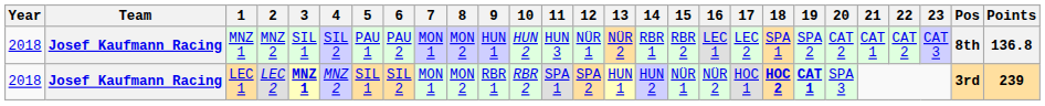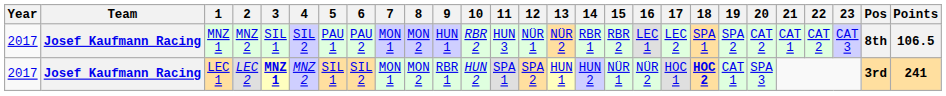 <table class="wikitable" style="text-align:center; font-size:85%">
 <tr>
 <th>Year</th>
 <th>Team</th>
 <th>1</th>
 <th>2</th>
 <th>3</th>
 <th>4</th>
 <th>5</th>
 <th>6</th>
 <th>7</th>
 <th>8</th>
 <th>9</th>
 <th>10</th>
 <th>11</th>
 <th>12</th>
 <th>13</th>
 <th>14</th>
 <th>15</th>
 <th>16</th>
 <th>17</th>
 <th>18</th>
 <th>19</th>
 <th>20</th>
 <th>21</th>
 <th>22</th>
 <th>23</th>
 <th>Pos</th>
 <th>Points</th>
 </tr>
 <tr>
-<td><a href='#'>2018</a></td>
+<td><a href='#'>2017</a></td>
 <th nowrap><a href='#'>Josef Kaufmann Racing</a></th>
 <td style="background:#DFFFDF;"><a href='#'>MNZ<br>1</a><br></td>
 <td style="background:#DFFFDF;"><a href='#'>MNZ<br>2</a><br></td>
 <td style="background:#DFFFDF;"><a href='#'>SIL<br>1</a><br></td>
 <td style="background:#CFCFFF;"><a href='#'>SIL<br>2</a><br></td>
 <td style="background:#DFFFDF;"><a href='#'>PAU<br>1</a><br></td>
 <td style="background:#DFFFDF;"><a href='#'>PAU<br>2</a><br></td>
 <td style="background:#CFCFFF;"><a href='#'>MON<br>1</a><br></td>
 <td style="background:#CFCFFF;"><a href='#'>MON<br>2</a><br></td>
 <td style="background:#CFCFFF;"><a href='#'>HUN<br>1</a><br></td>
-<td style="background:#DFFFDF;"><em><a href='#'>HUN<br>2</a></em><br></td>
+<td style="background:#DFFFDF;"><em><a href='#'>RBR<br>2</a></em><br></td>
 <td style="background:#DFFFDF;"><a href='#'>HUN<br>3</a><br></td>
 <td style="background:#DFFFDF;"><a href='#'>NÜR<br>1</a><br></td>
 <td style="background:#FFDF9F;"><a href='#'>NÜR<br>2</a><br></td>
 <td style="background:#DFFFDF;"><a href='#'>RBR<br>1</a><br></td>
 <td style="background:#DFFFDF;"><a href='#'>RBR<br>2</a><br></td>
 <td style="background:#DFDFDF;"><a href='#'>LEC<br>1</a><br></td>
 <td style="background:#DFFFDF;"><a href='#'>LEC<br>2</a><br></td>
 <td style="background:#FFDF9F;"><a href='#'>SPA<br>1</a><br></td>
 <td style="background:#DFFFDF;"><a href='#'>SPA<br>2</a><br></td>
 <td style="background:#DFFFDF;"><a href='#'>CAT<br>2</a><br></td>
 <td style="background:#DFFFDF;"><a href='#'>CAT<br>1</a><br></td>
 <td style="background:#DFFFDF;"><a href='#'>CAT<br>2</a><br></td>
 <td style="background:#CFCFFF;"><a href='#'>CAT<br>3</a><br></td>
 <th>8th</th>
-<th>136.8</th>
+<th>106.5</th>
 </tr>
 <tr>
-<td><a href='#'>2018</a></td>
+<td><a href='#'>2017</a></td>
 <th nowrap><a href='#'>Josef Kaufmann Racing</a></th>
 <td style="background:#FFDF9F;"><a href='#'>LEC<br>1</a><br></td>
 <td style="background:#DFDFDF;"><em><a href='#'>LEC<br>2</a></em><br></td>
 <td style="background:#FFFFBF;"><strong><a href='#'>MNZ<br>1</a></strong><br></td>
 <td style="background:#CFCFFF;"><em><a href='#'>MNZ<br>2</a></em><br></td>
 <td style="background:#FFDF9F;"><a href='#'>SIL<br>1</a><br></td>
 <td style="background:#FFDF9F;"><a href='#'>SIL<br>2</a><br></td>
 <td style="background:#DFFFDF;"><a href='#'>MON<br>1</a><br></td>
 <td style="background:#DFFFDF;"><a href='#'>MON<br>2</a><br></td>
 <td style="background:#DFFFDF;"><a href='#'>RBR<br>1</a><br></td>
-<td style="background:#DFFFDF;"><em><a href='#'>RBR<br>2</a></em><br></td>
+<td style="background:#DFFFDF;"><em><a href='#'>HUN<br>2</a></em><br></td>
 <td style="background:#DFDFDF;"><a href='#'>SPA<br>1</a><br></td>
 <td style="background:#FFDF9F;"><a href='#'>SPA<br>2</a><br></td>
 <td style="background:#FFFFBF;"><a href='#'>HUN<br>1</a><br></td>
 <td style="background:#CFCFFF;"><a href='#'>HUN<br>2</a><br></td>
 <td style="background:#DFFFDF;"><a href='#'>NÜR<br>1</a><br></td>
 <td style="background:#DFFFDF;"><a href='#'>NÜR<br>2</a><br></td>
 <td style="background:#DFDFDF;"><a href='#'>HOC<br>1</a><br></td>
 <td style="background:#FFDF9F;"><strong><a href='#'>HOC<br>2</a><br></strong></td>
-<td style="background:#DFFFDF;"><strong><a href='#'>CAT<br>1</a><br></strong></td>
+<td style="background:#DFFFDF;"><a href='#'>CAT<br>1</a><br></td>
 <td style="background:#DFFFDF;"><a href='#'>SPA<br>3</a><br></td>
 <td colspan=3></td>
 <th style="background:#FFDF9F;">3rd</th>
-<th style="background:#FFDF9F;">239</th>
+<th style="background:#FFDF9F;">241</th>
 </tr>
 </table>
